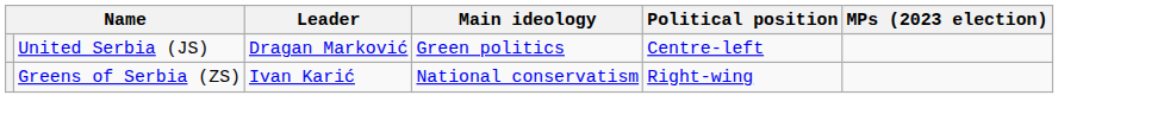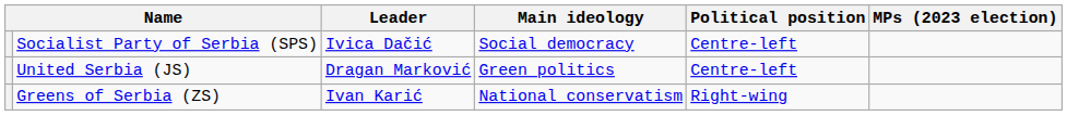 <table class="wikitable" style="text-align">
 <tr>
 <th colspan="2">Name</th>
 <th>Leader</th>
 <th>Main ideology</th>
 <th>Political position</th>
 <th>MPs (2023 election)</th>
+</tr>
+<tr>
+<th style="background-color:"></th>
+<td><a href='#'>Socialist Party of Serbia</a> (SPS)</td>
+<td><a href='#'>Ivica Dačić</a></td>
+<td><a href='#'>Social democracy</a></td>
+<td><a href='#'>Centre-left</a></td>
+<td></td>
 </tr>
 <tr>
 <th style="background-color:"></th>
 <td><a href='#'>United Serbia</a> (JS)</td>
 <td><a href='#'>Dragan Marković</a></td>
 <td><a href='#'>Green politics</a></td>
 <td><a href='#'>Centre-left</a></td>
 <td></td>
 </tr>
 <tr>
 <th style="background-color:"></th>
 <td><a href='#'>Greens of Serbia</a> (ZS)</td>
 <td><a href='#'>Ivan Karić</a></td>
 <td><a href='#'>National conservatism</a></td>
 <td><a href='#'>Right-wing</a></td>
 <td></td>
 </tr>
 </table>
